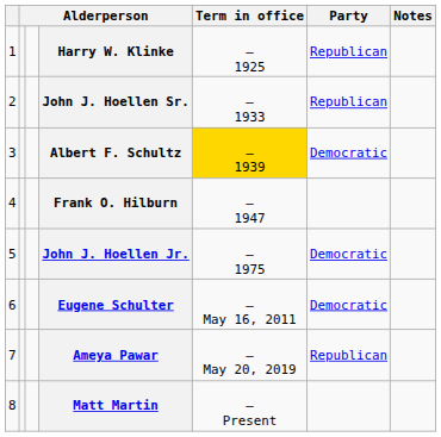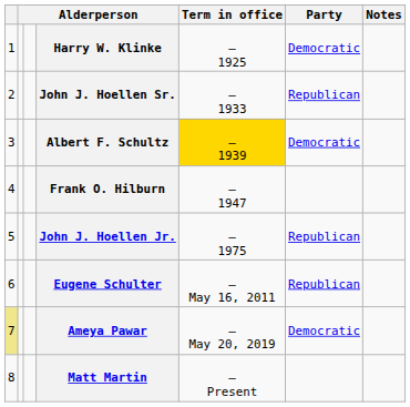 <table class="wikitable sortable" style="text-align:center;">
 <tr>
 <th scope="col"></th>
 <th scope="col" colspan="3">Alderperson</th>
 <th scope="col">Term in office</th>
 <th scope="col">Party</th>
 <th scope="col">Notes</th>
 </tr>
 <tr style="height:2em;">
 <td>1</td>
 <td></td>
 <td> </td>
 <th scope="row">Harry W. Klinke</th>
 <td><br>–<br>1925</td>
-<td><a href='#'>Republican</a></td>
+<td><a href='#'>Democratic</a></td>
 <td></td>
 </tr>
 <tr style="height:2em;">
 <td>2</td>
 <td></td>
 <td> </td>
 <th scope="row">John J. Hoellen Sr.</th>
 <td><br>–<br>1933</td>
 <td><a href='#'>Republican</a></td>
 <td></td>
 </tr>
 <tr style="height:2em;">
 <td>3</td>
 <td></td>
 <td> </td>
 <th scope="row">Albert F. Schultz</th>
 <td style="background: gold;"><br>–<br>1939</td>
 <td><a href='#'>Democratic</a></td>
 <td></td>
 </tr>
 <tr style="height:2em;">
 <td>4</td>
 <td></td>
 <td></td>
 <th scope="row">Frank O. Hilburn</th>
 <td><br>–<br>1947</td>
 <td></td>
 <td></td>
 </tr>
 <tr style="height:2em;">
 <td>5</td>
 <td></td>
 <td> </td>
 <th scope="row"><a href='#'>John J. Hoellen Jr.</a></th>
 <td><br>–<br>1975</td>
-<td><a href='#'>Democratic</a></td>
+<td><a href='#'>Republican</a></td>
 <td></td>
 </tr>
 <tr style="height:2em;">
 <td>6</td>
 <td></td>
 <td> </td>
 <th scope="row"><a href='#'>Eugene Schulter</a></th>
 <td><br>–<br>May 16, 2011</td>
-<td><a href='#'>Democratic</a></td>
+<td><a href='#'>Republican</a></td>
 <td></td>
 </tr>
 <tr style="height:2em;">
-<td>7</td>
+<td style="background: khaki;">7</td>
 <td></td>
 <td> </td>
 <th scope="row"><a href='#'>Ameya Pawar</a></th>
 <td><br>–<br>May 20, 2019</td>
-<td><a href='#'>Republican</a></td>
+<td><a href='#'>Democratic</a></td>
 <td></td>
 </tr>
 <tr style="height:2em;">
 <td>8</td>
 <td></td>
 <td></td>
 <th scope="row"><a href='#'>Matt Martin</a></th>
 <td><br>–<br>Present</td>
 <td></td>
 <td></td>
 </tr>
 </table>
